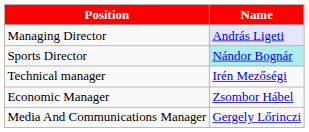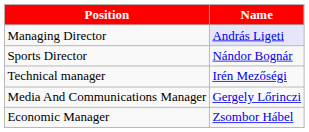 <table class="wikitable">
 <tr>
 <th style="color:#FFFFFF; background:#FF0000">Position</th>
 <th style="color:#FFFFFF; background:#FF0000">Name</th>
 </tr>
 <tr>
 <td>Managing Director</td>
 <td style="background: lavender;"> <a href='#'>András Ligeti</a></td>
 </tr>
 <tr>
 <td>Sports Director</td>
-<td style="background: paleturquoise;"> <a href='#'>Nándor Bognár</a></td>
+<td> <a href='#'>Nándor Bognár</a></td>
 </tr>
 <tr>
 <td>Technical manager</td>
 <td> <a href='#'>Irén Mezőségi</a></td>
 </tr>
 <tr>
+<td>Media And Communications Manager</td>
+<td> <a href='#'>Gergely Lőrinczi</a></td>
+</tr>
+<tr>
 <td>Economic Manager</td>
 <td> <a href='#'>Zsombor Hábel</a></td>
 </tr>
-<tr>
-<td>Media And Communications Manager</td>
-<td> <a href='#'>Gergely Lőrinczi</a></td>
-</tr>
 </table>
